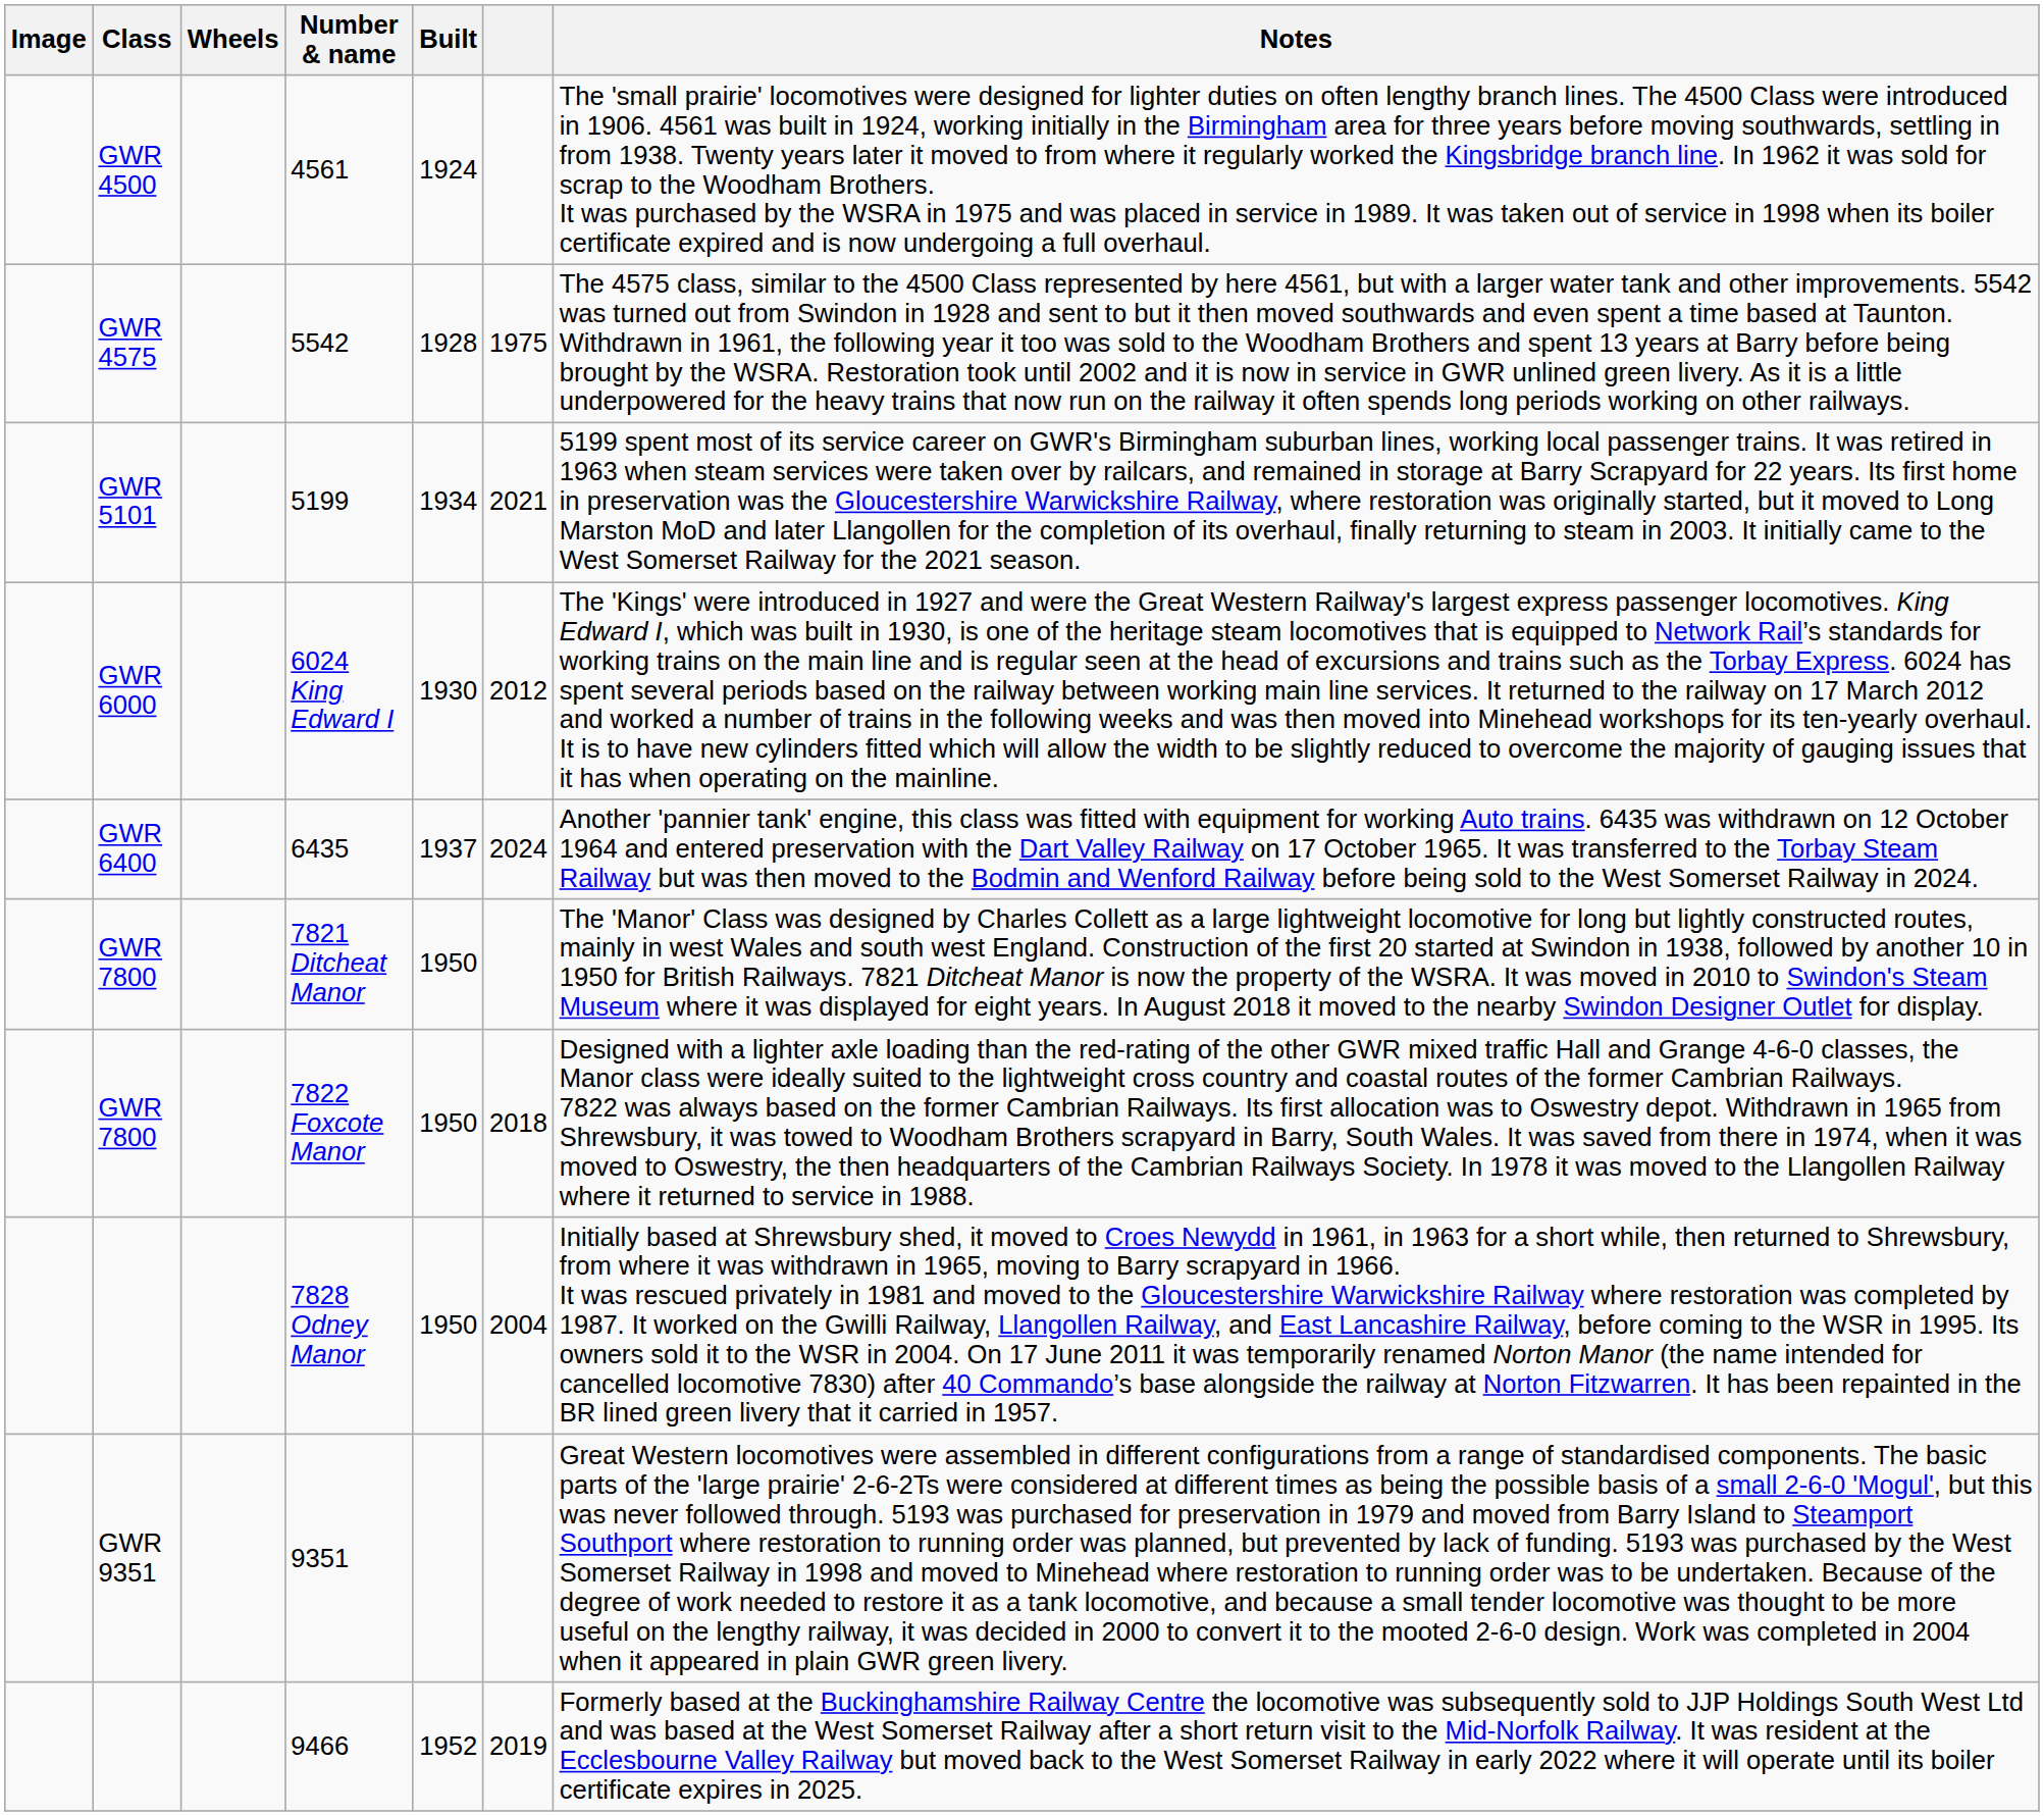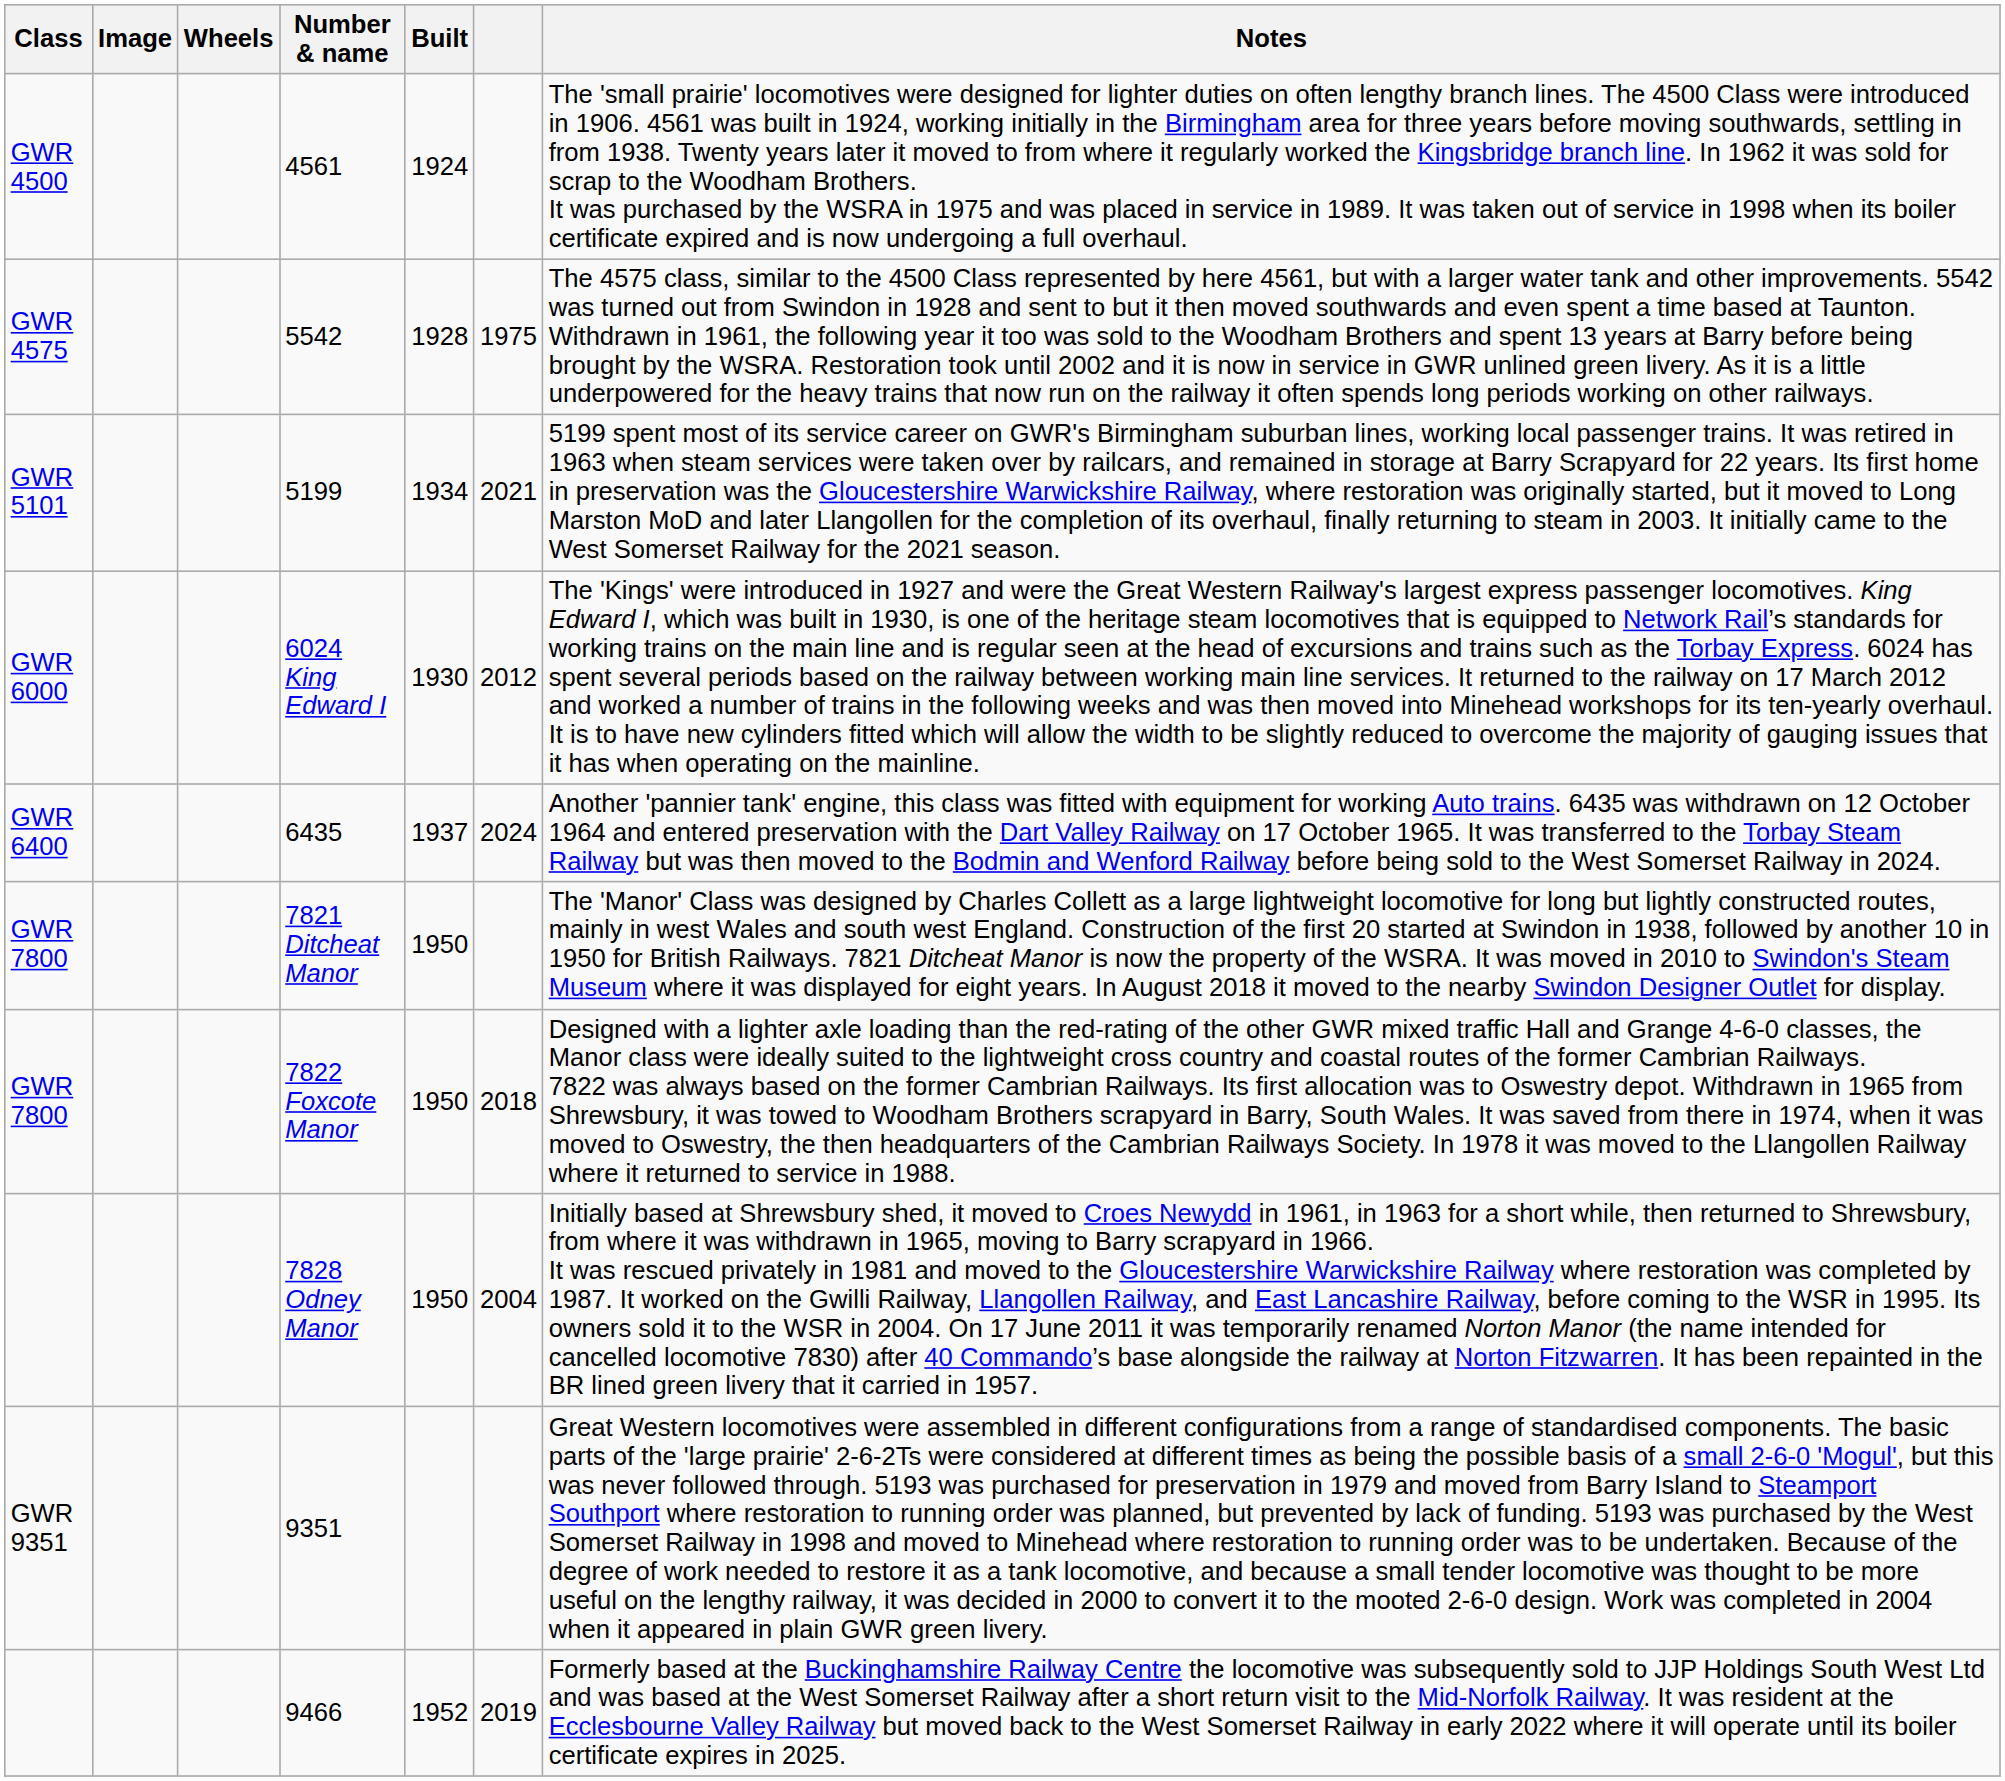 <table class="wikitable sortable">
 <tr>
+<th>Class</th>
 <th class=unsortable>Image</th>
-<th>Class</th>
 <th>Wheels</th>
 <th>Number & name</th>
 <th>Built</th>
 <th></th>
 <th class=unsortable>Notes</th>
 </tr>
 <tr>
+<td><a href='#'>GWR 4500</a></td>
 <td></td>
-<td><a href='#'>GWR 4500</a></td>
 <td></td>
 <td>4561</td>
 <td>1924</td>
 <td></td>
 <td>The 'small prairie' locomotives were designed for lighter duties on often lengthy branch lines. The 4500 Class were introduced in 1906. 4561 was built in 1924, working initially in the <a href='#'>Birmingham</a> area for three years before moving southwards, settling in  from 1938. Twenty years later it moved to  from where it regularly worked the <a href='#'>Kingsbridge branch line</a>. In 1962 it was sold for scrap to the Woodham Brothers. <br>It was purchased by the WSRA in 1975 and was placed in service in 1989. It was taken out of service in 1998 when its boiler certificate expired and is now undergoing a full overhaul.</td>
 </tr>
 <tr>
+<td><a href='#'>GWR 4575</a></td>
 <td></td>
-<td><a href='#'>GWR 4575</a></td>
 <td></td>
 <td>5542</td>
 <td>1928</td>
 <td>1975</td>
 <td>The 4575 class, similar to the 4500 Class represented by here 4561, but with a larger water tank and other improvements. 5542 was turned out from Swindon in 1928 and sent to  but it then moved southwards and even spent a time based at Taunton.<br>Withdrawn in 1961, the following year it too was sold to the Woodham Brothers and spent 13 years at Barry before being brought by the WSRA. Restoration took until 2002 and it is now in service in GWR unlined green livery. As it is a little underpowered for the heavy trains that now run on the railway it often spends long periods working on other railways.</td>
 </tr>
 <tr>
+<td><a href='#'>GWR 5101</a></td>
 <td></td>
-<td><a href='#'>GWR 5101</a></td>
 <td></td>
 <td>5199</td>
 <td>1934</td>
 <td>2021</td>
 <td>5199 spent most of its service career on GWR's Birmingham suburban lines, working local passenger trains. It was retired in 1963 when steam services were taken over by railcars, and remained in storage at Barry Scrapyard for 22 years. Its first home in preservation was the <a href='#'>Gloucestershire Warwickshire Railway</a>, where restoration was originally started, but it moved to Long Marston MoD and later Llangollen for the completion of its overhaul, finally returning to steam in 2003. It initially came to the West Somerset Railway for the 2021 season.</td>
 </tr>
 <tr>
+<td><a href='#'>GWR 6000</a></td>
 <td></td>
-<td><a href='#'>GWR 6000</a></td>
 <td></td>
 <td><a href='#'>6024 <em>King Edward I</em></a></td>
 <td>1930</td>
 <td>2012</td>
 <td>The 'Kings' were introduced in 1927 and were the Great Western Railway's largest express passenger locomotives. <em>King Edward I</em>, which was built in 1930, is one of the heritage steam locomotives that is equipped to <a href='#'>Network Rail</a>’s standards for working trains on the main line and is regular seen at the head of excursions and trains such as the <a href='#'>Torbay Express</a>. 6024 has spent several periods based on the railway between working main line services. It returned to the railway on 17 March 2012 and worked a number of trains in the following weeks and was then moved into Minehead workshops for its ten-yearly overhaul. It is to have new cylinders fitted which will allow the width to be slightly reduced to overcome the majority of gauging issues that it has when operating on the mainline.</td>
 </tr>
 <tr>
+<td><a href='#'>GWR 6400</a></td>
 <td></td>
-<td><a href='#'>GWR 6400</a></td>
 <td></td>
 <td>6435</td>
 <td>1937</td>
 <td>2024</td>
 <td>Another 'pannier tank' engine, this class was fitted with equipment for working <a href='#'>Auto trains</a>. 6435 was withdrawn on 12 October 1964 and entered preservation with the <a href='#'>Dart Valley Railway</a> on 17 October 1965. It was transferred to the <a href='#'>Torbay Steam Railway</a> but was then moved to the <a href='#'>Bodmin and Wenford Railway</a> before being sold to the West Somerset Railway in 2024.</td>
 </tr>
 <tr>
+<td><a href='#'>GWR 7800</a></td>
 <td></td>
-<td><a href='#'>GWR 7800</a></td>
 <td></td>
 <td><a href='#'>7821 <em>Ditcheat Manor</em></a></td>
 <td>1950</td>
 <td></td>
 <td>The 'Manor' Class was designed by Charles Collett as a large lightweight locomotive for long but lightly constructed routes, mainly in west Wales and south west England. Construction of the first 20 started at Swindon in 1938, followed by another 10 in 1950 for British Railways. 7821 <em>Ditcheat Manor</em> is now the property of the WSRA. It was moved in 2010 to <a href='#'>Swindon's Steam Museum</a> where it was displayed for eight years. In August 2018 it moved to the nearby <a href='#'>Swindon Designer Outlet</a> for display.</td>
 </tr>
 <tr>
+<td><a href='#'>GWR 7800</a></td>
 <td></td>
-<td><a href='#'>GWR 7800</a></td>
 <td></td>
 <td><a href='#'>7822 <em>Foxcote Manor</em></a></td>
 <td>1950</td>
 <td>2018</td>
 <td>Designed with a lighter axle loading than the red-rating of the other GWR mixed traffic Hall and Grange 4-6-0 classes, the Manor class were ideally suited to the lightweight cross country and coastal routes of the former Cambrian Railways.<br>7822 was always based on the former Cambrian Railways. Its first allocation was to Oswestry depot. Withdrawn in 1965 from Shrewsbury, it was towed to Woodham Brothers scrapyard in Barry, South Wales. It was saved from there in 1974, when it was moved to Oswestry, the then headquarters of the Cambrian Railways Society. In 1978 it was moved to the Llangollen Railway where it returned to service in 1988.</td>
 </tr>
 <tr>
 <td></td>
 <td></td>
 <td></td>
 <td><a href='#'>7828 <em>Odney Manor</em></a></td>
 <td>1950</td>
 <td>2004</td>
 <td>Initially based at Shrewsbury shed, it moved to <a href='#'>Croes Newydd</a> in 1961,  in 1963 for a short while, then returned to Shrewsbury, from where it was withdrawn in 1965, moving to Barry scrapyard in 1966.<br>It was rescued privately in 1981 and moved to the <a href='#'>Gloucestershire Warwickshire Railway</a> where restoration was completed by 1987. It worked on the Gwilli Railway, <a href='#'>Llangollen Railway</a>, and <a href='#'>East Lancashire Railway</a>, before coming to the WSR in 1995. Its owners sold it to the WSR in 2004. On 17 June 2011 it was temporarily renamed <em>Norton Manor</em> (the name intended for cancelled locomotive 7830) after <a href='#'>40 Commando</a>’s base alongside the railway at <a href='#'>Norton Fitzwarren</a>. It has been repainted in the BR lined green livery that it carried in 1957.</td>
 </tr>
 <tr>
+<td>GWR 9351</td>
 <td></td>
-<td>GWR 9351</td>
 <td></td>
 <td>9351</td>
 <td></td>
 <td></td>
 <td>Great Western locomotives were assembled in different configurations from a range of standardised components. The basic parts of the 'large prairie' 2-6-2Ts were considered at different times as being the possible basis of a <a href='#'>small 2-6-0 'Mogul'</a>, but this was never followed through. 5193 was purchased for preservation in 1979 and moved from Barry Island to <a href='#'>Steamport Southport</a> where restoration to running order was planned, but prevented by lack of funding. 5193 was purchased by the West Somerset Railway in 1998 and moved to Minehead where restoration to running order was to be undertaken. Because of the degree of work needed to restore it as a tank locomotive, and because a small tender locomotive was thought to be more useful on the lengthy railway, it was decided in 2000 to convert it to the mooted 2-6-0 design. Work was completed in 2004 when it appeared in plain GWR green livery.</td>
 </tr>
 <tr>
 <td></td>
 <td></td>
 <td></td>
 <td>9466</td>
 <td>1952</td>
 <td>2019</td>
 <td>Formerly based at the <a href='#'>Buckinghamshire Railway Centre</a> the locomotive was subsequently sold to JJP Holdings South West Ltd and was based at the West Somerset Railway after a short return visit to the <a href='#'>Mid-Norfolk Railway</a>. It was resident at the <a href='#'>Ecclesbourne Valley Railway</a> but moved back to the West Somerset Railway in early 2022 where it will operate until its boiler certificate expires in 2025.</td>
 </tr>
 </table>
